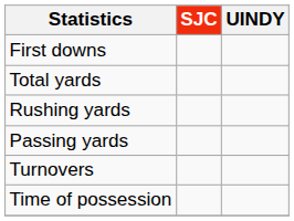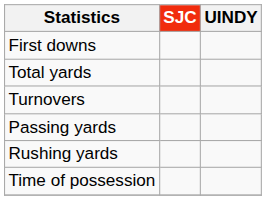 <table class="wikitable" style="float: left;">
 <tr>
 <th>Statistics</th>
 <th style="background:#f12c0d; color:white; ">SJC</th>
 <th>UINDY</th>
 </tr>
 <tr>
 <td>First downs</td>
 <td></td>
 <td></td>
 </tr>
 <tr>
 <td>Total yards</td>
 <td></td>
 <td></td>
 </tr>
 <tr>
-<td>Rushing yards</td>
+<td>Turnovers</td>
 <td></td>
 <td></td>
 </tr>
 <tr>
 <td>Passing yards</td>
 <td></td>
 <td></td>
 </tr>
 <tr>
-<td>Turnovers</td>
+<td>Rushing yards</td>
 <td></td>
 <td></td>
 </tr>
 <tr>
 <td>Time of possession</td>
 <td></td>
 <td></td>
 </tr>
 <tr>
 </tr>
 </table>
